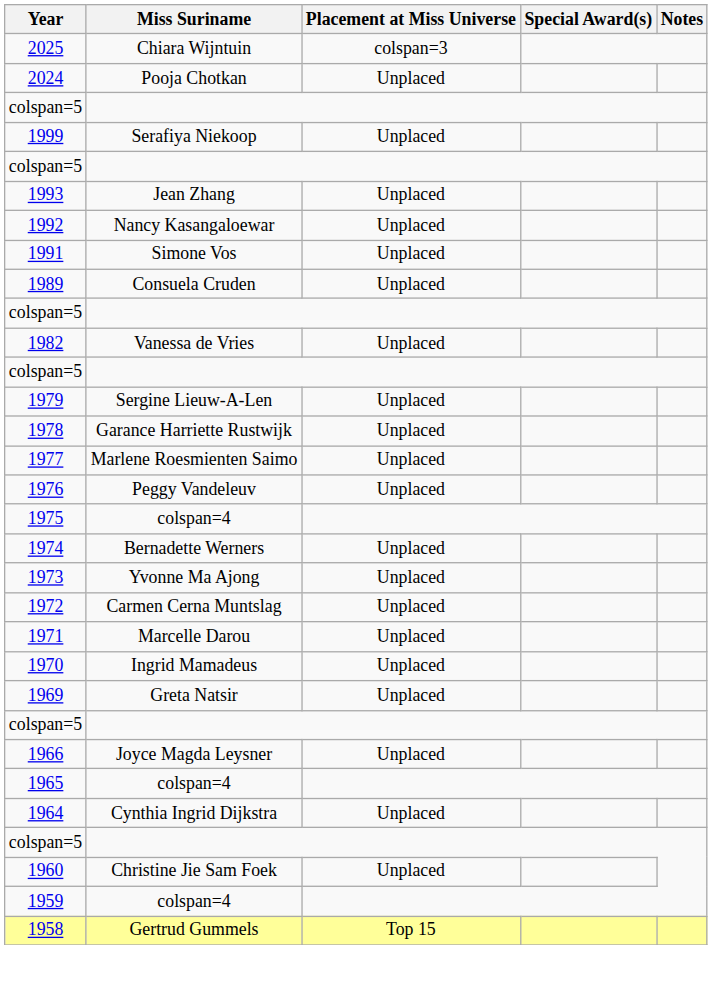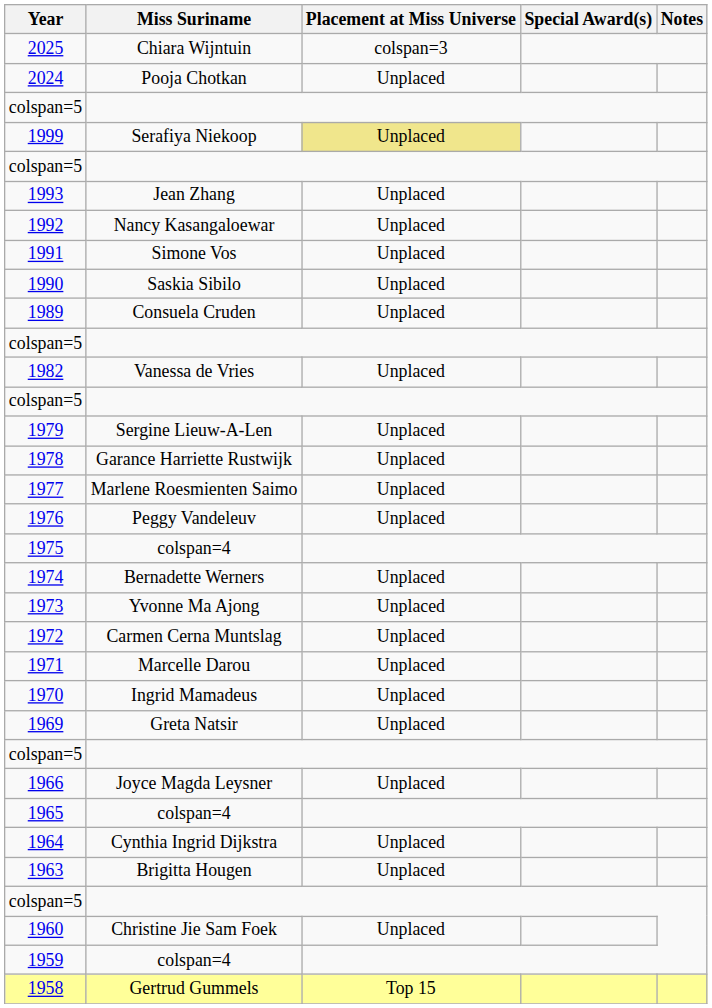 <table class="wikitable " style="font-size: 85%; text-align:center;">
 <tr>
 <th>Year</th>
 <th>Miss Suriname</th>
 <th>Placement at Miss Universe</th>
 <th>Special Award(s)</th>
 <th>Notes</th>
 </tr>
 <tr>
 <td><a href='#'>2025</a></td>
 <td>Chiara Wijntuin</td>
 <td>colspan=3 </td>
 </tr>
 <tr>
 <td><a href='#'>2024</a></td>
 <td>Pooja Chotkan</td>
 <td>Unplaced</td>
 <td></td>
 <td></td>
 </tr>
 <tr>
 <td>colspan=5 </td>
 </tr>
 <tr>
 <td><a href='#'>1999</a></td>
 <td>Serafiya Niekoop</td>
-<td>Unplaced</td>
+<td style="background: khaki;">Unplaced</td>
 <td></td>
 <td></td>
 </tr>
 <tr>
 <td>colspan=5 </td>
 </tr>
 <tr>
 <td><a href='#'>1993</a></td>
 <td>Jean Zhang</td>
 <td>Unplaced</td>
 <td></td>
 <td></td>
 </tr>
 <tr>
 <td><a href='#'>1992</a></td>
 <td>Nancy Kasangaloewar</td>
 <td>Unplaced</td>
 <td></td>
 <td></td>
 </tr>
 <tr>
 <td><a href='#'>1991</a></td>
 <td>Simone Vos</td>
+<td>Unplaced</td>
+<td></td>
+<td></td>
+</tr>
+<tr>
+<td><a href='#'>1990</a></td>
+<td>Saskia Sibilo</td>
 <td>Unplaced</td>
 <td></td>
 <td></td>
 </tr>
 <tr>
 <td><a href='#'>1989</a></td>
 <td>Consuela Cruden</td>
 <td>Unplaced</td>
 <td></td>
 <td></td>
 </tr>
 <tr>
 <td>colspan=5 </td>
 </tr>
 <tr>
 <td><a href='#'>1982</a></td>
 <td>Vanessa de Vries</td>
 <td>Unplaced</td>
 <td></td>
 <td></td>
 </tr>
 <tr>
 <td>colspan=5 </td>
 </tr>
 <tr>
 <td><a href='#'>1979</a></td>
 <td>Sergine Lieuw-A-Len</td>
 <td>Unplaced</td>
 <td></td>
 <td></td>
 </tr>
 <tr>
 <td><a href='#'>1978</a></td>
 <td>Garance Harriette Rustwijk</td>
 <td>Unplaced</td>
 <td></td>
 <td></td>
 </tr>
 <tr>
 <td><a href='#'>1977</a></td>
 <td>Marlene Roesmienten Saimo</td>
 <td>Unplaced</td>
 <td></td>
 <td></td>
 </tr>
 <tr>
 <td><a href='#'>1976</a></td>
 <td>Peggy Vandeleuv</td>
 <td>Unplaced</td>
 <td></td>
 <td></td>
 </tr>
 <tr>
 <td><a href='#'>1975</a></td>
 <td>colspan=4 </td>
 </tr>
 <tr>
 <td><a href='#'>1974</a></td>
 <td>Bernadette Werners</td>
 <td>Unplaced</td>
 <td></td>
 <td></td>
 </tr>
 <tr>
 <td><a href='#'>1973</a></td>
 <td>Yvonne Ma Ajong</td>
 <td>Unplaced</td>
 <td></td>
 <td></td>
 </tr>
 <tr>
 <td><a href='#'>1972</a></td>
 <td>Carmen Cerna Muntslag</td>
 <td>Unplaced</td>
 <td></td>
 <td></td>
 </tr>
 <tr>
 <td><a href='#'>1971</a></td>
 <td>Marcelle Darou</td>
 <td>Unplaced</td>
 <td></td>
 <td></td>
 </tr>
 <tr>
 <td><a href='#'>1970</a></td>
 <td>Ingrid Mamadeus</td>
 <td>Unplaced</td>
 <td></td>
 <td></td>
 </tr>
 <tr>
 <td><a href='#'>1969</a></td>
 <td>Greta Natsir</td>
 <td>Unplaced</td>
 <td></td>
 <td></td>
 </tr>
 <tr>
 <td>colspan=5 </td>
 </tr>
 <tr>
 <td><a href='#'>1966</a></td>
 <td>Joyce Magda Leysner</td>
 <td>Unplaced</td>
 <td></td>
 <td></td>
 </tr>
 <tr>
 <td><a href='#'>1965</a></td>
 <td>colspan=4 </td>
 </tr>
 <tr>
 <td><a href='#'>1964</a></td>
 <td>Cynthia Ingrid Dijkstra</td>
 <td>Unplaced</td>
 <td></td>
 <td></td>
 </tr>
 <tr>
+<td><a href='#'>1963</a></td>
+<td>Brigitta Hougen</td>
+<td>Unplaced</td>
+<td></td>
+<td></td>
+</tr>
+<tr>
 <td>colspan=5 </td>
 </tr>
 <tr>
 <td><a href='#'>1960</a></td>
 <td>Christine Jie Sam Foek</td>
 <td>Unplaced</td>
 <td></td>
 </tr>
 <tr>
 <td><a href='#'>1959</a></td>
 <td>colspan=4  </td>
 </tr>
 <tr style="background-color:#FFFF99">
 <td><a href='#'>1958</a></td>
 <td>Gertrud Gummels</td>
 <td>Top 15</td>
 <td></td>
 <td></td>
 </tr>
 <tr>
 </tr>
 </table>
